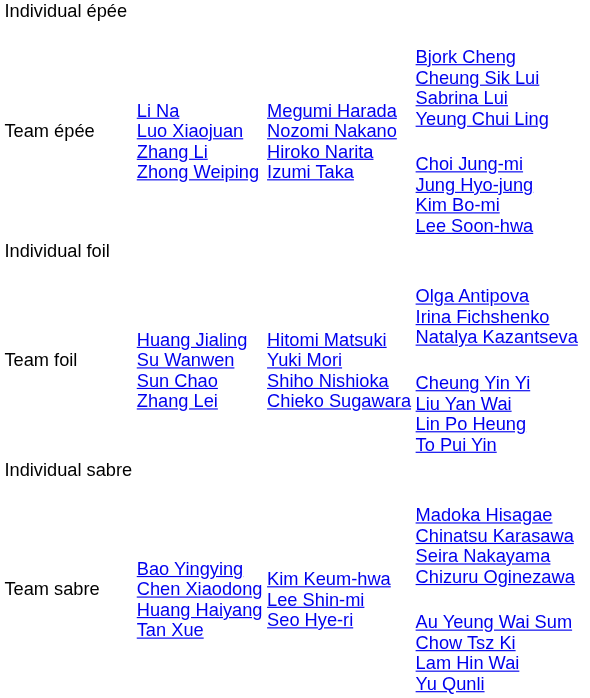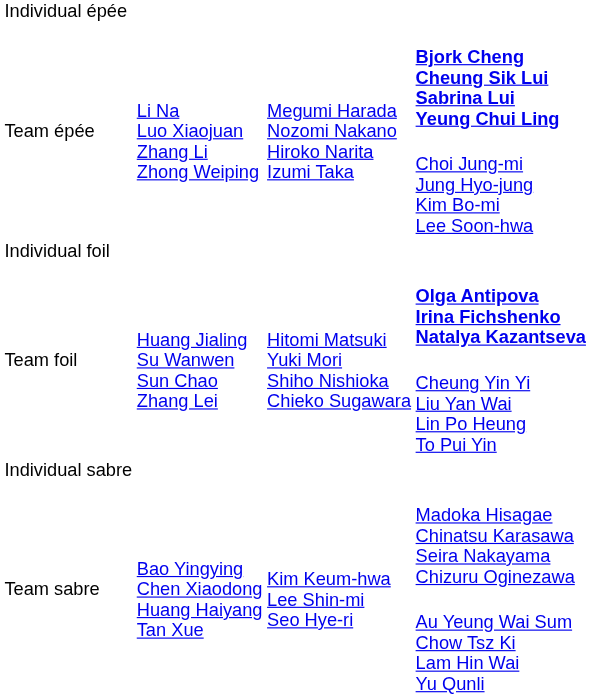 <table>
 <tr>
 <td rowspan=2>Individual épée</td>
 <td rowspan=2></td>
 <td rowspan=2></td>
 <td></td>
 </tr>
 <tr>
 <td></td>
 </tr>
 <tr>
 <td rowspan=2>Team épée</td>
 <td rowspan=2><br><a href='#'>Li Na</a><br><a href='#'>Luo Xiaojuan</a><br><a href='#'>Zhang Li</a><br><a href='#'>Zhong Weiping</a></td>
 <td rowspan=2><br><a href='#'>Megumi Harada</a><br><a href='#'>Nozomi Nakano</a><br><a href='#'>Hiroko Narita</a><br><a href='#'>Izumi Taka</a></td>
-<td><br><a href='#'>Bjork Cheng</a><br><a href='#'>Cheung Sik Lui</a><br><a href='#'>Sabrina Lui</a><br><a href='#'>Yeung Chui Ling</a></td>
+<td><strong><br><a href='#'>Bjork Cheng</a><br><a href='#'>Cheung Sik Lui</a><br><a href='#'>Sabrina Lui</a><br><a href='#'>Yeung Chui Ling</a></strong></td>
 </tr>
 <tr>
 <td><br><a href='#'>Choi Jung-mi</a><br><a href='#'>Jung Hyo-jung</a><br><a href='#'>Kim Bo-mi</a><br><a href='#'>Lee Soon-hwa</a></td>
 </tr>
 <tr>
 <td rowspan=2>Individual foil</td>
 <td rowspan=2></td>
 <td rowspan=2></td>
 <td></td>
 </tr>
 <tr>
 <td></td>
 </tr>
 <tr>
 <td rowspan=2>Team foil</td>
 <td rowspan=2><br><a href='#'>Huang Jialing</a><br><a href='#'>Su Wanwen</a><br><a href='#'>Sun Chao</a><br><a href='#'>Zhang Lei</a></td>
 <td rowspan=2><br><a href='#'>Hitomi Matsuki</a><br><a href='#'>Yuki Mori</a><br><a href='#'>Shiho Nishioka</a><br><a href='#'>Chieko Sugawara</a></td>
-<td><br><a href='#'>Olga Antipova</a><br><a href='#'>Irina Fichshenko</a><br><a href='#'>Natalya Kazantseva</a></td>
+<td><strong><br><a href='#'>Olga Antipova</a><br><a href='#'>Irina Fichshenko</a><br><a href='#'>Natalya Kazantseva</a></strong></td>
 </tr>
 <tr>
 <td><br><a href='#'>Cheung Yin Yi</a><br><a href='#'>Liu Yan Wai</a><br><a href='#'>Lin Po Heung</a><br><a href='#'>To Pui Yin</a></td>
 </tr>
 <tr>
 <td rowspan=2>Individual sabre</td>
 <td rowspan=2></td>
 <td rowspan=2></td>
 <td></td>
 </tr>
 <tr>
 <td></td>
 </tr>
 <tr>
 <td rowspan=2>Team sabre</td>
 <td rowspan=2><br><a href='#'>Bao Yingying</a><br><a href='#'>Chen Xiaodong</a><br><a href='#'>Huang Haiyang</a><br><a href='#'>Tan Xue</a></td>
 <td rowspan=2><br><a href='#'>Kim Keum-hwa</a><br><a href='#'>Lee Shin-mi</a><br><a href='#'>Seo Hye-ri</a></td>
 <td><br><a href='#'>Madoka Hisagae</a><br><a href='#'>Chinatsu Karasawa</a><br><a href='#'>Seira Nakayama</a><br><a href='#'>Chizuru Oginezawa</a></td>
 </tr>
 <tr>
 <td><br><a href='#'>Au Yeung Wai Sum</a><br><a href='#'>Chow Tsz Ki</a><br><a href='#'>Lam Hin Wai</a><br><a href='#'>Yu Qunli</a></td>
 </tr>
 </table>
